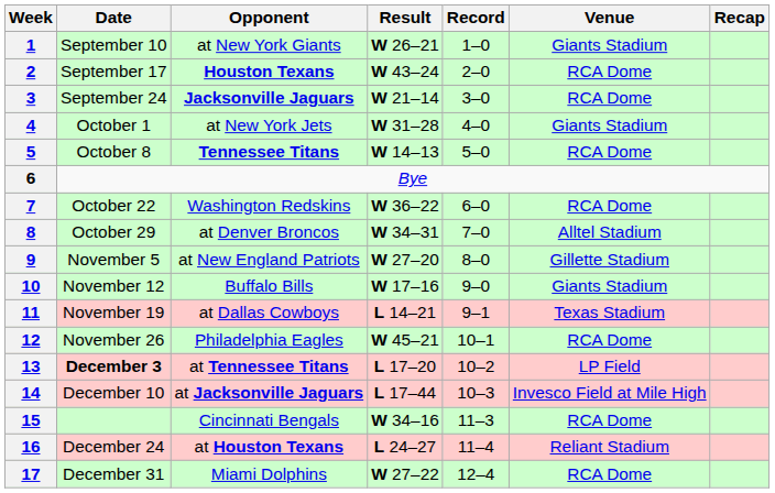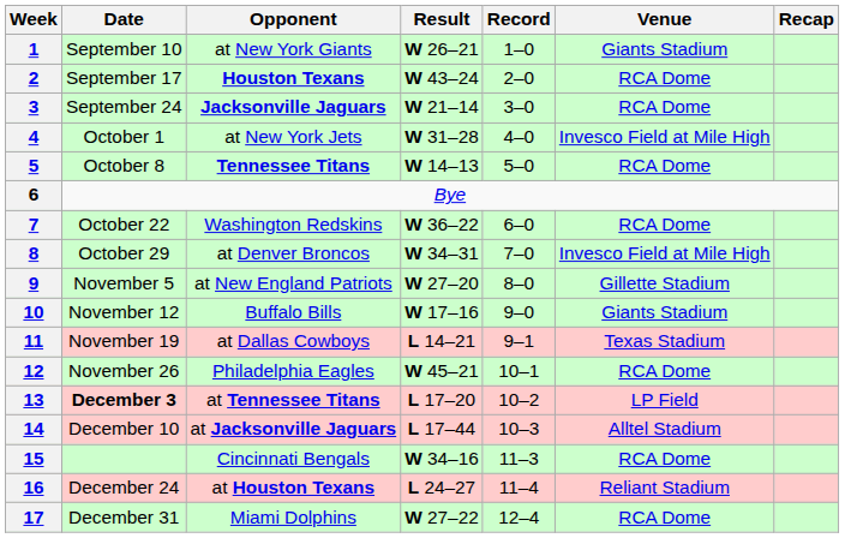 <table class="wikitable" style="text-align:center">
 <tr>
 <th>Week</th>
 <th>Date</th>
 <th>Opponent</th>
 <th>Result</th>
 <th>Record</th>
 <th>Venue</th>
 <th>Recap</th>
 </tr>
 <tr style="background:#cfc; text-align:center;">
 <th><a href='#'>1</a></th>
 <td>September 10</td>
 <td>at <a href='#'>New York Giants</a></td>
 <td><strong>W</strong> 26–21</td>
 <td>1–0</td>
 <td><a href='#'>Giants Stadium</a></td>
 <td></td>
 </tr>
 <tr style="background:#cfc; text-align:center;">
 <th><a href='#'>2</a></th>
 <td>September 17</td>
 <td><strong><a href='#'>Houston Texans</a></strong></td>
 <td><strong>W</strong> 43–24</td>
 <td>2–0</td>
 <td><a href='#'>RCA Dome</a></td>
 <td></td>
 </tr>
 <tr style="background:#cfc; text-align:center;">
 <th><a href='#'>3</a></th>
 <td>September 24</td>
 <td><strong><a href='#'>Jacksonville Jaguars</a></strong></td>
 <td><strong>W</strong> 21–14</td>
 <td>3–0</td>
 <td><a href='#'>RCA Dome</a></td>
 <td></td>
 </tr>
 <tr style="background:#cfc; text-align:center;">
 <th><a href='#'>4</a></th>
 <td>October 1</td>
 <td>at <a href='#'>New York Jets</a></td>
 <td><strong>W</strong> 31–28</td>
 <td>4–0</td>
-<td><a href='#'>Giants Stadium</a></td>
+<td><a href='#'>Invesco Field at Mile High</a></td>
 <td></td>
 </tr>
 <tr style="background:#cfc; text-align:center;">
 <th><a href='#'>5</a></th>
 <td>October 8</td>
 <td><strong><a href='#'>Tennessee Titans</a></strong></td>
 <td><strong>W</strong> 14–13</td>
 <td>5–0</td>
 <td><a href='#'>RCA Dome</a></td>
 <td></td>
 </tr>
 <tr style="text-align:center;">
 <th>6</th>
 <td colspan="6" style="text-align:center;"><em><a href='#'>Bye</a></em></td>
 </tr>
 <tr style="background:#cfc; text-align:center;">
 <th><a href='#'>7</a></th>
 <td>October 22</td>
 <td><a href='#'>Washington Redskins</a></td>
 <td><strong>W</strong> 36–22</td>
 <td>6–0</td>
 <td><a href='#'>RCA Dome</a></td>
 <td></td>
 </tr>
 <tr style="background:#cfc; text-align:center;">
 <th><a href='#'>8</a></th>
 <td>October 29</td>
 <td>at <a href='#'>Denver Broncos</a></td>
 <td><strong>W</strong> 34–31</td>
 <td>7–0</td>
-<td><a href='#'>Alltel Stadium</a></td>
+<td><a href='#'>Invesco Field at Mile High</a></td>
 <td></td>
 </tr>
 <tr style="background:#cfc; text-align:center;">
 <th><a href='#'>9</a></th>
 <td>November 5</td>
 <td>at <a href='#'>New England Patriots</a></td>
 <td><strong>W</strong> 27–20</td>
 <td>8–0</td>
 <td><a href='#'>Gillette Stadium</a></td>
 <td></td>
 </tr>
 <tr style="background:#cfc; text-align:center;">
 <th><a href='#'>10</a></th>
 <td>November 12</td>
 <td><a href='#'>Buffalo Bills</a></td>
 <td><strong>W</strong> 17–16</td>
 <td>9–0</td>
 <td><a href='#'>Giants Stadium</a></td>
 <td></td>
 </tr>
 <tr style="background:#fcc; text-align:center;">
 <th><a href='#'>11</a></th>
 <td>November 19</td>
 <td>at <a href='#'>Dallas Cowboys</a></td>
 <td><strong>L</strong> 14–21</td>
 <td>9–1</td>
 <td><a href='#'>Texas Stadium</a></td>
 <td></td>
 </tr>
 <tr style="background:#cfc; text-align:center;">
 <th><a href='#'>12</a></th>
 <td>November 26</td>
 <td><a href='#'>Philadelphia Eagles</a></td>
 <td><strong>W</strong> 45–21</td>
 <td>10–1</td>
 <td><a href='#'>RCA Dome</a></td>
 <td></td>
 </tr>
 <tr style="background:#fcc; text-align:center;">
 <th><a href='#'>13</a></th>
 <td><strong>December 3</strong></td>
 <td>at <strong><a href='#'>Tennessee Titans</a></strong></td>
 <td><strong>L</strong> 17–20</td>
 <td>10–2</td>
 <td><a href='#'>LP Field</a></td>
 <td></td>
 </tr>
 <tr style="background:#fcc; text-align:center;">
 <th><a href='#'>14</a></th>
 <td>December 10</td>
 <td>at <strong><a href='#'>Jacksonville Jaguars</a></strong></td>
 <td><strong>L</strong>  17–44</td>
 <td>10–3</td>
-<td><a href='#'>Invesco Field at Mile High</a></td>
+<td><a href='#'>Alltel Stadium</a></td>
 <td></td>
 </tr>
 <tr style="background:#cfc; text-align:center;">
 <th><a href='#'>15</a></th>
 <td></td>
 <td><a href='#'>Cincinnati Bengals</a></td>
 <td><strong>W</strong> 34–16</td>
 <td>11–3</td>
 <td><a href='#'>RCA Dome</a></td>
 <td></td>
 </tr>
 <tr style="background:#fcc; text-align:center;">
 <th><a href='#'>16</a></th>
 <td>December 24</td>
 <td>at <strong><a href='#'>Houston Texans</a></strong></td>
 <td><strong>L</strong> 24–27</td>
 <td>11–4</td>
 <td><a href='#'>Reliant Stadium</a></td>
 <td></td>
 </tr>
 <tr style="background:#cfc; text-align:center;">
 <th><a href='#'>17</a></th>
 <td>December 31</td>
 <td><a href='#'>Miami Dolphins</a></td>
 <td><strong>W</strong> 27–22</td>
 <td>12–4</td>
 <td><a href='#'>RCA Dome</a></td>
 <td></td>
 </tr>
 </table>
